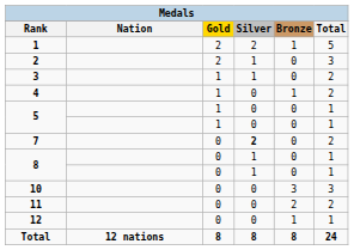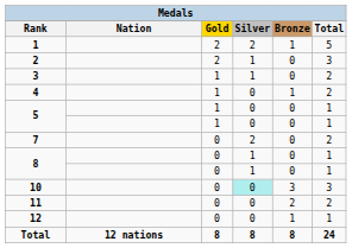 <table class="wikitable" style="text-align:center">
 <tr>
 <td colspan="6" style="background:#BCD4E6"><strong>Medals</strong></td>
 </tr>
 <tr>
 </tr>
 <tr style="background-color:#EDEDED;">
 <th width="75px" class="hintergrundfarbe5">Rank</th>
 <th width="175px" class="hintergrundfarbe6">Nation</th>
 <th style="background:    gold; width:35px ">Gold</th>
 <th style="background:  silver; width:35px ">Silver</th>
 <th style="background: #CC9966; width:35px ">Bronze</th>
 <th width="35px">Total</th>
 </tr>
 <tr>
 <td><strong>1</strong></td>
 <td align=left></td>
 <td>2</td>
 <td>2</td>
 <td>1</td>
 <td>5</td>
 </tr>
 <tr>
 <td><strong>2</strong></td>
 <td align=left></td>
 <td>2</td>
 <td>1</td>
 <td>0</td>
 <td>3</td>
 </tr>
 <tr>
 <td><strong>3</strong></td>
 <td align=left></td>
 <td>1</td>
 <td>1</td>
 <td>0</td>
 <td>2</td>
 </tr>
 <tr>
 <td><strong>4</strong></td>
 <td align=left></td>
 <td>1</td>
 <td>0</td>
 <td>1</td>
 <td>2</td>
 </tr>
 <tr>
 <td rowspan="2"><strong>5</strong></td>
 <td align=left></td>
 <td>1</td>
 <td>0</td>
 <td>0</td>
 <td>1</td>
 </tr>
 <tr>
 <td align=left></td>
 <td>1</td>
 <td>0</td>
 <td>0</td>
 <td>1</td>
 </tr>
 <tr>
 <td><strong>7</strong></td>
 <td align=left></td>
 <td>0</td>
-<td><strong>2</strong></td>
+<td>2</td>
 <td>0</td>
 <td>2</td>
 </tr>
 <tr>
 <td rowspan="2"><strong>8</strong></td>
 <td align=left></td>
 <td>0</td>
 <td>1</td>
 <td>0</td>
 <td>1</td>
 </tr>
 <tr>
 <td align=left><em></em></td>
 <td>0</td>
 <td>1</td>
 <td>0</td>
 <td>1</td>
 </tr>
 <tr>
 <td><strong>10</strong></td>
 <td align=left></td>
 <td>0</td>
-<td>0</td>
+<td style="background: paleturquoise;">0</td>
 <td>3</td>
 <td>3</td>
 </tr>
 <tr>
 <td><strong>11</strong></td>
 <td align=left></td>
 <td>0</td>
 <td>0</td>
 <td>2</td>
 <td>2</td>
 </tr>
 <tr>
 <td><strong>12</strong></td>
 <td align=left></td>
 <td>0</td>
 <td>0</td>
 <td>1</td>
 <td>1</td>
 </tr>
 <tr>
 <td><strong>Total</strong></td>
 <td><strong>12 nations</strong></td>
 <td><strong>8</strong></td>
 <td><strong>8</strong></td>
 <td><strong>8</strong></td>
 <td><strong>24</strong></td>
 </tr>
 </table>
